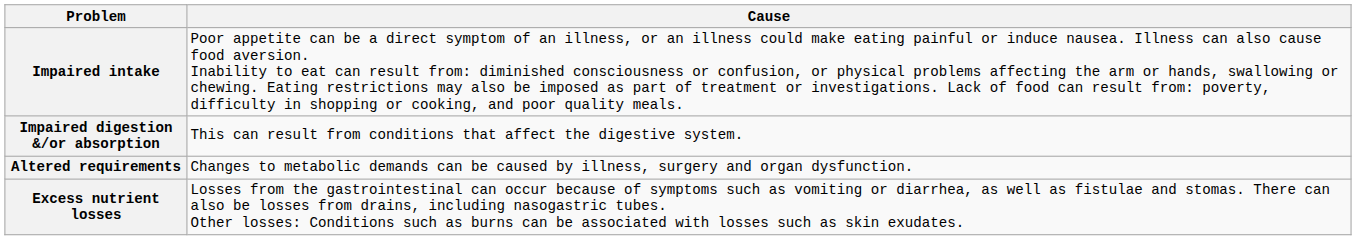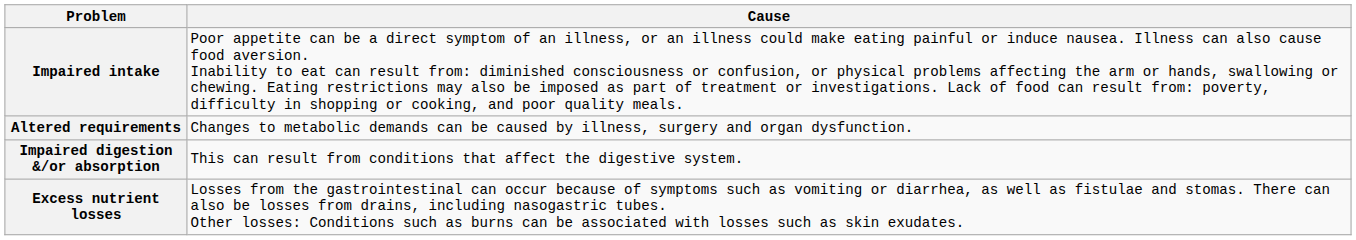 <table class="wikitable plainrowheaders" style="float: right; margin-left:15px; text-align:left">
 <tr>
 <th scope="col">Problem</th>
 <th scope="col">Cause</th>
 </tr>
 <tr>
 <th scope="row">Impaired intake</th>
 <td>Poor appetite can be a direct symptom of an illness, or an illness could make eating painful or induce nausea. Illness can also cause food aversion.<br>Inability to eat can result from: diminished consciousness or confusion, or physical problems affecting the arm or hands, swallowing or chewing. Eating restrictions may also be imposed as part of treatment or investigations. Lack of food can result from: poverty, difficulty in shopping or cooking, and poor quality meals.</td>
 </tr>
 <tr>
+<th scope="row">Altered requirements</th>
+<td>Changes to metabolic demands can be caused by illness, surgery and organ dysfunction.</td>
+</tr>
+<tr>
 <th scope="row">Impaired digestion &/or absorption</th>
 <td>This can result from conditions that affect the digestive system.</td>
-</tr>
-<tr>
-<th scope="row">Altered requirements</th>
-<td>Changes to metabolic demands can be caused by illness, surgery and organ dysfunction.</td>
 </tr>
 <tr>
 <th scope="row">Excess nutrient losses</th>
 <td>Losses from the gastrointestinal can occur because of symptoms such as vomiting or diarrhea, as well as fistulae and stomas. There can also be losses from drains, including nasogastric tubes.<br>Other losses: Conditions such as burns can be associated with losses such as skin exudates.</td>
 </tr>
 </table>
